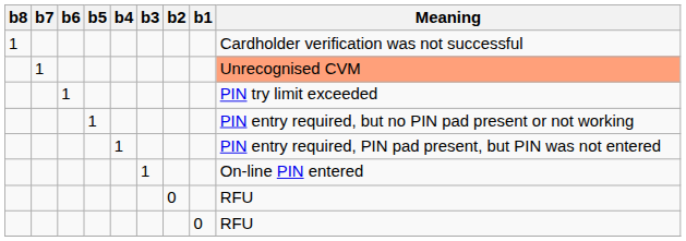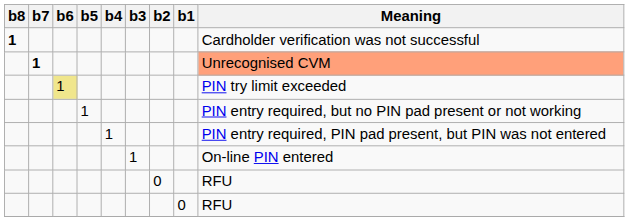 <table class="wikitable">
 <tr>
 <th>b8</th>
 <th>b7</th>
 <th>b6</th>
 <th>b5</th>
 <th>b4</th>
 <th>b3</th>
 <th>b2</th>
 <th>b1</th>
 <th width="450pt">Meaning</th>
 </tr>
 <tr>
-<td>1</td>
+<td><strong>1</strong></td>
 <td></td>
 <td></td>
 <td></td>
 <td></td>
 <td></td>
 <td></td>
 <td></td>
 <td>Cardholder verification was not successful</td>
 </tr>
 <tr>
 <td></td>
-<td>1</td>
+<td><strong>1</strong></td>
 <td></td>
 <td></td>
 <td></td>
 <td></td>
 <td></td>
 <td></td>
 <td style="background: lightsalmon;">Unrecognised CVM</td>
 </tr>
 <tr>
 <td></td>
 <td></td>
-<td>1</td>
+<td style="background: khaki;">1</td>
 <td></td>
 <td></td>
 <td></td>
 <td></td>
 <td></td>
 <td><a href='#'>PIN</a> try limit exceeded</td>
 </tr>
 <tr>
 <td></td>
 <td></td>
 <td></td>
 <td>1</td>
 <td></td>
 <td></td>
 <td></td>
 <td></td>
 <td><a href='#'>PIN</a> entry required, but no PIN pad present or not working</td>
 </tr>
 <tr>
 <td></td>
 <td></td>
 <td></td>
 <td></td>
 <td>1</td>
 <td></td>
 <td></td>
 <td></td>
 <td><a href='#'>PIN</a> entry required, PIN pad present, but PIN was not entered</td>
 </tr>
 <tr>
 <td></td>
 <td></td>
 <td></td>
 <td></td>
 <td></td>
 <td>1</td>
 <td></td>
 <td></td>
 <td>On-line <a href='#'>PIN</a> entered</td>
 </tr>
 <tr>
 <td></td>
 <td></td>
 <td></td>
 <td></td>
 <td></td>
 <td></td>
 <td>0</td>
 <td></td>
 <td>RFU</td>
 </tr>
 <tr>
 <td></td>
 <td></td>
 <td></td>
 <td></td>
 <td></td>
 <td></td>
 <td></td>
 <td>0</td>
 <td>RFU</td>
 </tr>
 <tr>
 </tr>
 </table>
